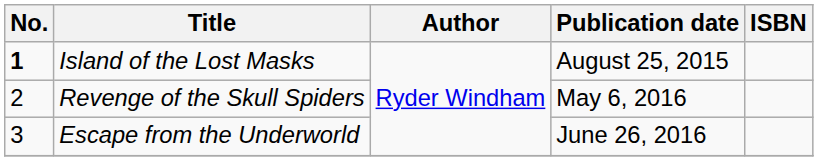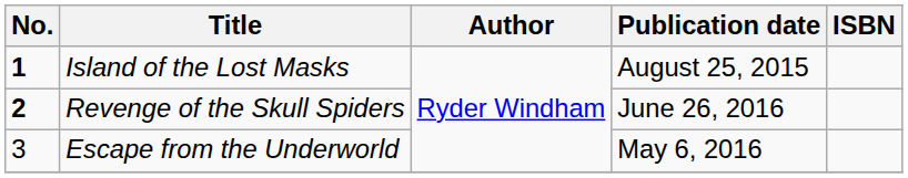 <table class="wikitable">
 <tr>
 <th>No.</th>
 <th>Title</th>
 <th>Author</th>
 <th>Publication date</th>
 <th>ISBN</th>
 </tr>
 <tr>
 <td><strong>1</strong></td>
 <td><em>Island of the Lost Masks</em></td>
 <td Rowspan="3"><a href='#'>Ryder Windham</a></td>
 <td>August 25, 2015</td>
 <td></td>
 </tr>
 <tr>
-<td>2</td>
+<td><strong>2</strong></td>
 <td><em>Revenge of the Skull Spiders</em></td>
-<td>May 6, 2016</td>
+<td>June 26, 2016</td>
 <td></td>
 </tr>
 <tr>
 <td>3</td>
 <td><em>Escape from the Underworld</em></td>
-<td>June 26, 2016</td>
+<td>May 6, 2016</td>
 <td></td>
 </tr>
 <tr>
 </tr>
 </table>
